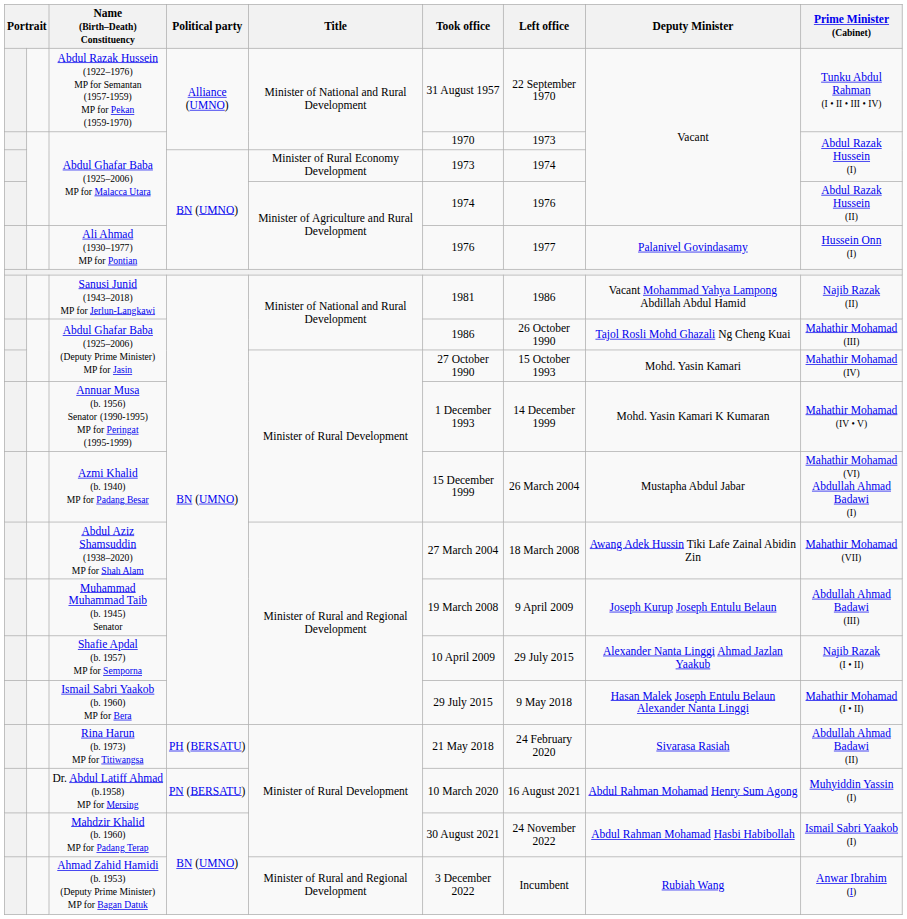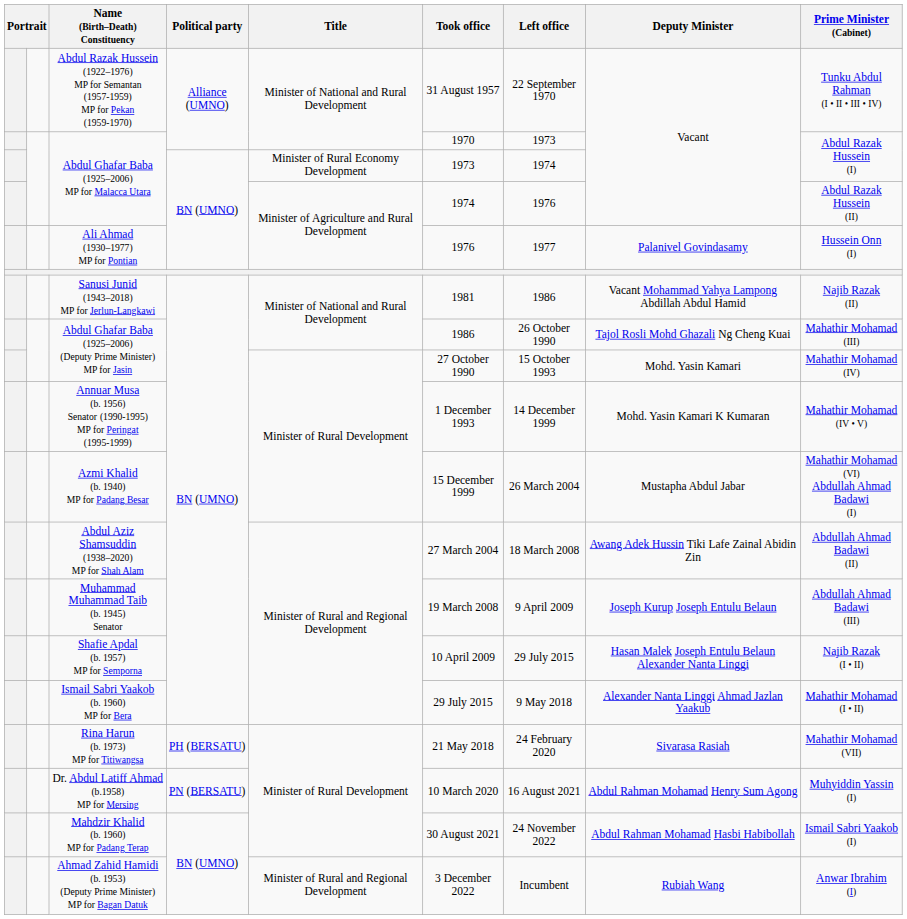 <table class="wikitable" style="text-align:center;">
 <tr>
 <th colspan=2>Portrait</th>
 <th>Name<br><small>(Birth–Death)<br>Constituency</small></th>
 <th>Political party</th>
 <th>Title</th>
 <th>Took office</th>
 <th>Left office</th>
 <th>Deputy Minister</th>
 <th><a href='#'>Prime Minister</a><br><small>(Cabinet)</small></th>
 </tr>
 <tr>
 <th style="background:"></th>
 <td></td>
 <td><a href='#'>Abdul Razak Hussein</a><br><small>(1922–1976)<br>MP for Semantan <br> (1957-1959) <br> MP for <a href='#'>Pekan</a><br> (1959-1970)  </small></td>
 <td rowspan=2><a href='#'>Alliance</a> (<a href='#'>UMNO</a>)</td>
 <td rowspan=2>Minister of National and Rural Development</td>
 <td>31 August 1957</td>
 <td>22 September 1970</td>
 <td rowspan="4">Vacant</td>
 <td><a href='#'>Tunku Abdul Rahman</a><br><small>(I • II • III • IV)</small></td>
 </tr>
 <tr>
 <th style="background:"></th>
 <td rowspan=3></td>
 <td rowspan=3><a href='#'>Abdul Ghafar Baba</a><br><small>(1925–2006)<br>MP for <a href='#'>Malacca Utara</a></small></td>
 <td>1970</td>
 <td>1973</td>
 <td rowspan=2><a href='#'>Abdul Razak Hussein</a><br><small>(I)</small></td>
 </tr>
 <tr>
 <th style="background:"></th>
 <td rowspan=3><a href='#'>BN</a> (<a href='#'>UMNO</a>)</td>
 <td>Minister of Rural Economy Development</td>
 <td>1973</td>
 <td>1974</td>
 </tr>
 <tr>
 <th style="background:"></th>
 <td rowspan=2>Minister of Agriculture and Rural Development</td>
 <td>1974</td>
 <td>1976</td>
 <td><a href='#'>Abdul Razak Hussein</a><br><small>(II)</small></td>
 </tr>
 <tr>
 <th style="background:"></th>
 <td></td>
 <td><a href='#'>Ali Ahmad</a><br><small>(1930–1977)<br>MP for <a href='#'>Pontian</a></small></td>
 <td>1976</td>
 <td>1977</td>
 <td><a href='#'>Palanivel Govindasamy</a></td>
 <td><a href='#'>Hussein Onn</a><br><small>(I)</small></td>
 </tr>
 <tr>
 <th colspan="9" bgcolor="cccccc"></th>
 </tr>
 <tr>
 <th style="background:"></th>
 <td></td>
 <td><a href='#'>Sanusi Junid</a><br><small>(1943–2018)<br>MP for <a href='#'>Jerlun-Langkawi</a></small></td>
 <td rowspan=9><a href='#'>BN</a> (<a href='#'>UMNO</a>)</td>
 <td rowspan=2>Minister of National and Rural Development</td>
 <td>1981</td>
 <td>1986</td>
 <td>Vacant  <a href='#'>Mohammad Yahya Lampong</a>  Abdillah Abdul Hamid </td>
 <td><a href='#'>Najib Razak</a><br><small>(II)</small></td>
 </tr>
 <tr>
 <th style="background:"></th>
 <td rowspan=2></td>
 <td rowspan=2><a href='#'>Abdul Ghafar Baba</a><br><small>(1925–2006) <br>(Deputy Prime Minister) <br> MP for <a href='#'>Jasin</a> </small></td>
 <td>1986</td>
 <td>26 October 1990</td>
 <td><a href='#'>Tajol Rosli Mohd Ghazali</a>  Ng Cheng Kuai </td>
 <td><a href='#'>Mahathir Mohamad</a><br><small>(III)</small></td>
 </tr>
 <tr>
 <th style="background:"></th>
 <td rowspan=3>Minister of Rural Development</td>
 <td>27 October 1990</td>
 <td>15 October 1993</td>
 <td>Mohd. Yasin Kamari</td>
 <td><a href='#'>Mahathir Mohamad</a><br><small>(IV)</small></td>
 </tr>
 <tr>
 <th style="background:"></th>
 <td></td>
 <td><a href='#'>Annuar Musa</a><br><small>(b. 1956)<br>Senator</small> <small>(1990-1995)<br>MP for <a href='#'>Peringat</a> <br> (1995-1999) </small></td>
 <td>1 December 1993</td>
 <td>14 December 1999</td>
 <td>Mohd. Yasin Kamari  K Kumaran </td>
 <td><a href='#'>Mahathir Mohamad</a><br><small>(IV • V)</small></td>
 </tr>
 <tr>
 <th style="background:"></th>
 <td></td>
 <td><a href='#'>Azmi Khalid</a><br><small>(b. 1940)<br>MP for <a href='#'>Padang Besar</a></small></td>
 <td>15 December 1999</td>
 <td>26 March 2004</td>
 <td>Mustapha Abdul Jabar</td>
 <td><a href='#'>Mahathir Mohamad</a><br><small>(VI)</small><br><a href='#'>Abdullah Ahmad Badawi</a><br><small>(I)</small></td>
 </tr>
 <tr>
 <th style="background:"></th>
 <td></td>
 <td><a href='#'>Abdul Aziz Shamsuddin</a><br><small>(1938–2020)<br>MP for <a href='#'>Shah Alam</a></small></td>
 <td rowspan=4>Minister of Rural and Regional Development</td>
 <td>27 March 2004</td>
 <td>18 March 2008</td>
 <td><a href='#'>Awang Adek Hussin</a> Tiki Lafe  Zainal Abidin Zin </td>
-<td><a href='#'>Mahathir Mohamad</a><br><small>(VII)</small></td>
+<td><a href='#'>Abdullah Ahmad Badawi</a><br><small>(II)</small></td>
 </tr>
 <tr>
 <th style="background:"></th>
 <td></td>
 <td><a href='#'>Muhammad Muhammad Taib</a><br><small>(b. 1945)<br>Senator</small></td>
 <td>19 March 2008</td>
 <td>9 April 2009</td>
 <td><a href='#'>Joseph Kurup</a> <a href='#'>Joseph Entulu Belaun</a></td>
 <td><a href='#'>Abdullah Ahmad Badawi</a><br><small>(III)</small></td>
 </tr>
 <tr>
 <th style="background:"></th>
 <td></td>
 <td><a href='#'>Shafie Apdal</a><br><small>(b. 1957)<br>MP for <a href='#'>Semporna</a></small></td>
 <td>10 April 2009</td>
 <td>29 July 2015</td>
-<td><a href='#'>Alexander Nanta Linggi</a> <a href='#'>Ahmad Jazlan Yaakub</a></td>
+<td><a href='#'>Hasan Malek</a> <a href='#'>Joseph Entulu Belaun</a>  <a href='#'>Alexander Nanta Linggi</a> </td>
 <td><a href='#'>Najib Razak</a><br><small>(I • II)</small></td>
 </tr>
 <tr>
 <th style="background:"></th>
 <td></td>
 <td><a href='#'>Ismail Sabri Yaakob</a><br><small>(b. 1960)<br>MP for <a href='#'>Bera</a></small></td>
 <td>29 July 2015</td>
 <td>9 May 2018</td>
-<td><a href='#'>Hasan Malek</a> <a href='#'>Joseph Entulu Belaun</a>  <a href='#'>Alexander Nanta Linggi</a> </td>
+<td><a href='#'>Alexander Nanta Linggi</a> <a href='#'>Ahmad Jazlan Yaakub</a></td>
 <td><a href='#'>Mahathir Mohamad</a><br><small>(I • II)</small></td>
 </tr>
 <tr>
 <th style="background:"></th>
 <td></td>
 <td><a href='#'>Rina Harun</a><br><small>(b. 1973)<br>MP for <a href='#'>Titiwangsa</a></small></td>
 <td><a href='#'>PH</a> (<a href='#'>BERSATU</a>)</td>
 <td rowspan=3>Minister of Rural Development</td>
 <td>21 May 2018</td>
 <td>24 February 2020</td>
 <td><a href='#'>Sivarasa Rasiah</a></td>
-<td><a href='#'>Abdullah Ahmad Badawi</a><br><small>(II)</small></td>
+<td><a href='#'>Mahathir Mohamad</a><br><small>(VII)</small></td>
 </tr>
 <tr>
 <th style="background:"></th>
 <td></td>
 <td>Dr. <a href='#'>Abdul Latiff Ahmad</a><br><small>(b.1958)<br>MP for <a href='#'>Mersing</a></small></td>
 <td><a href='#'>PN</a> (<a href='#'>BERSATU</a>)</td>
 <td>10 March 2020</td>
 <td>16 August 2021</td>
 <td><a href='#'>Abdul Rahman Mohamad</a> <a href='#'>Henry Sum Agong</a></td>
 <td><a href='#'>Muhyiddin Yassin</a><br><small>(I)</small></td>
 </tr>
 <tr>
 <th style="background:"></th>
 <td></td>
 <td><a href='#'>Mahdzir Khalid</a><br><small>(b. 1960)<br>MP for <a href='#'>Padang Terap</a></small></td>
 <td rowspan=2><a href='#'>BN</a> (<a href='#'>UMNO</a>)</td>
 <td>30 August 2021</td>
 <td>24 November 2022</td>
 <td><a href='#'>Abdul Rahman Mohamad</a> <a href='#'>Hasbi Habibollah</a></td>
 <td><a href='#'>Ismail Sabri Yaakob</a><br><small>(I)</small></td>
 </tr>
 <tr>
 <th style="background:"></th>
 <td></td>
 <td><a href='#'>Ahmad Zahid Hamidi</a><br><small>(b. 1953)<br>(Deputy Prime Minister)<br>MP for <a href='#'>Bagan Datuk</a></small></td>
 <td>Minister of Rural and Regional Development</td>
 <td>3 December 2022</td>
 <td>Incumbent</td>
 <td><a href='#'>Rubiah Wang</a></td>
 <td><a href='#'>Anwar Ibrahim</a><br><small>(<a href='#'>I</a>)</small></td>
 </tr>
 </table>
